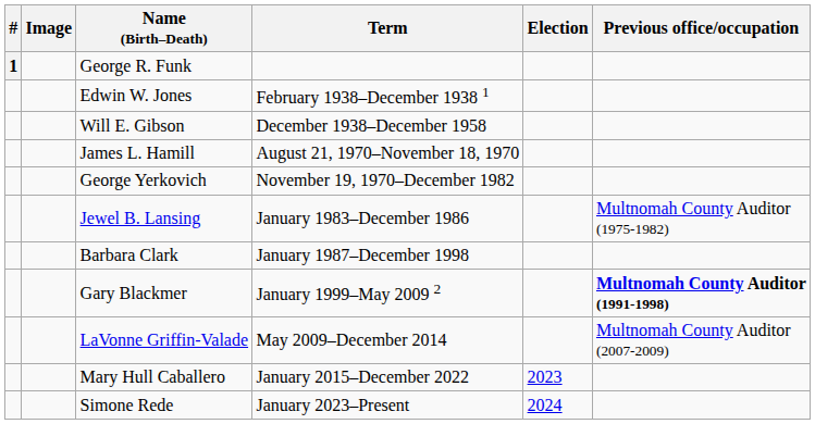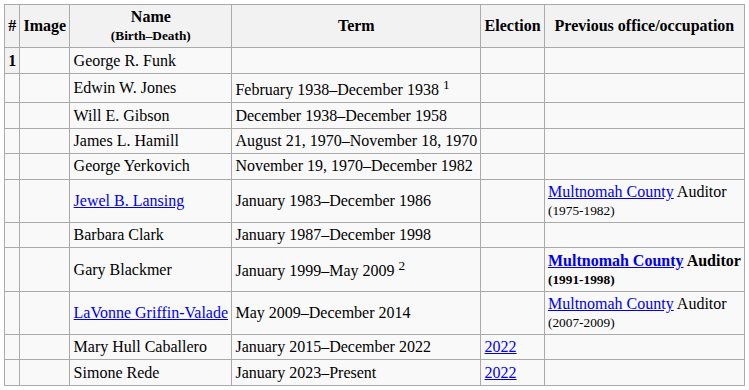 <table class="wikitable">
 <tr>
 <th>#</th>
 <th>Image</th>
 <th>Name<br><small>(Birth–Death)</small></th>
 <th>Term</th>
 <th>Election</th>
 <th>Previous office/occupation</th>
 </tr>
 <tr>
 <th style="background:">1</th>
 <td></td>
 <td>George R. Funk</td>
 <td></td>
 <td></td>
 <td></td>
 </tr>
 <tr>
 <td></td>
 <td></td>
 <td>Edwin W. Jones</td>
 <td>February 1938–December 1938 <sup>1</sup></td>
 <td></td>
 <td></td>
 </tr>
 <tr>
 <td></td>
 <td></td>
 <td>Will E. Gibson</td>
 <td>December 1938–December 1958</td>
 <td></td>
 <td></td>
 </tr>
 <tr>
 <td></td>
 <td></td>
 <td>James L. Hamill</td>
 <td>August 21, 1970–November 18, 1970</td>
 <td></td>
 <td></td>
 </tr>
 <tr>
 <td></td>
 <td></td>
 <td>George Yerkovich</td>
 <td>November 19, 1970–December 1982</td>
 <td></td>
 <td></td>
 </tr>
 <tr>
 <td></td>
 <td></td>
 <td><a href='#'>Jewel B. Lansing</a></td>
 <td>January 1983–December 1986</td>
 <td></td>
 <td><a href='#'>Multnomah County</a> Auditor<br><small>(1975-1982)</small></td>
 </tr>
 <tr>
 <td></td>
 <td></td>
 <td>Barbara Clark</td>
 <td>January 1987–December 1998</td>
 <td></td>
 <td></td>
 </tr>
 <tr>
 <td></td>
 <td></td>
 <td>Gary Blackmer</td>
 <td>January 1999–May 2009 <sup>2</sup></td>
 <td></td>
 <td><strong><a href='#'>Multnomah County</a> Auditor<br><small>(1991-1998)</small></strong></td>
 </tr>
 <tr>
 <td></td>
 <td></td>
 <td><a href='#'>LaVonne Griffin-Valade</a></td>
 <td>May 2009–December 2014</td>
 <td></td>
 <td><a href='#'>Multnomah County</a> Auditor<br><small>(2007-2009)</small></td>
 </tr>
 <tr>
 <td></td>
 <td></td>
 <td>Mary Hull Caballero</td>
 <td>January 2015–December 2022</td>
-<td><a href='#'>2023</a></td>
+<td><a href='#'>2022</a></td>
 <td></td>
 </tr>
 <tr>
 <td></td>
 <td></td>
 <td>Simone Rede</td>
 <td>January 2023–Present</td>
-<td><a href='#'>2024</a></td>
+<td><a href='#'>2022</a></td>
 <td></td>
 </tr>
 </table>
